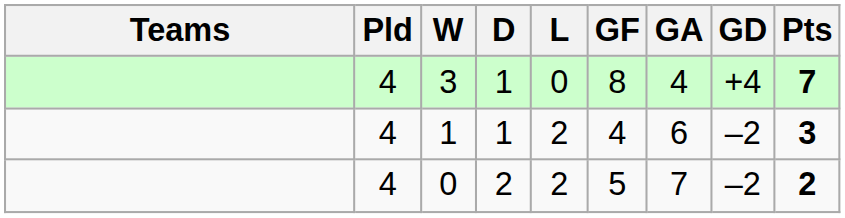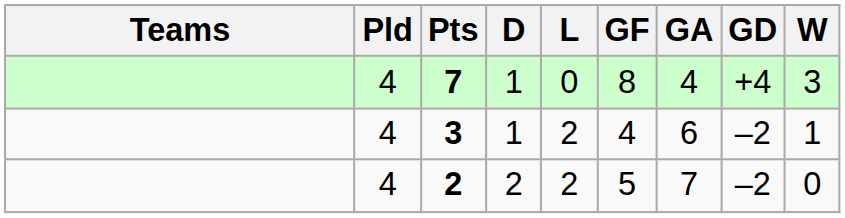 <table class="wikitable" style="text-align: center;">
 <tr>
 <th width=165>Teams</th>
 <th width=20>Pld</th>
-<th width=20>W</th>
+<th width=20>Pts</th>
 <th width=20>D</th>
 <th width=20>L</th>
 <th width=20>GF</th>
 <th width=20>GA</th>
 <th width=20>GD</th>
-<th width=20>Pts</th>
+<th width=20>W</th>
 </tr>
 <tr align=center style="background:#ccffcc;">
 <td style="text-align:left;"></td>
 <td>4</td>
-<td>3</td>
+<td><strong>7</strong></td>
 <td>1</td>
 <td>0</td>
 <td>8</td>
 <td>4</td>
 <td>+4</td>
-<td><strong>7</strong></td>
+<td>3</td>
 </tr>
 <tr align=center>
 <td style="text-align:left;"></td>
 <td>4</td>
-<td>1</td>
+<td><strong>3</strong></td>
 <td>1</td>
 <td>2</td>
 <td>4</td>
 <td>6</td>
 <td>–2</td>
-<td><strong>3</strong></td>
+<td>1</td>
 </tr>
 <tr align=center>
 <td style="text-align:left;"></td>
 <td>4</td>
-<td>0</td>
+<td><strong>2</strong></td>
 <td>2</td>
 <td>2</td>
 <td>5</td>
 <td>7</td>
 <td>–2</td>
-<td><strong>2</strong></td>
+<td>0</td>
 </tr>
 </table>
